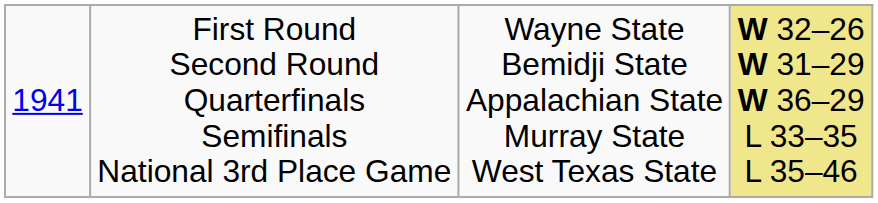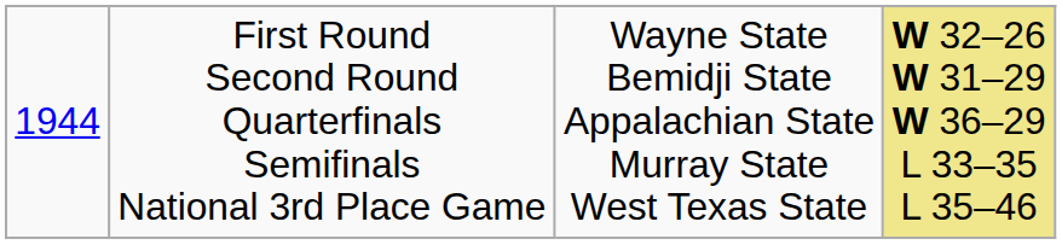 <table class="wikitable" style="text-align:center">
 <tr>
 </tr>
 <tr align="center">
-<td><a href='#'>1941</a></td>
+<td><a href='#'>1944</a></td>
 <td>First Round<br>Second Round<br>Quarterfinals<br>Semifinals<br>National 3rd Place Game</td>
 <td>Wayne State<br>Bemidji State<br>Appalachian State<br>Murray State<br>West Texas State</td>
 <td style="background: khaki;"><strong>W</strong> 32–26<br><strong>W</strong> 31–29<br><strong>W</strong> 36–29<br>L 33–35<br>L 35–46</td>
 </tr>
 </table>
